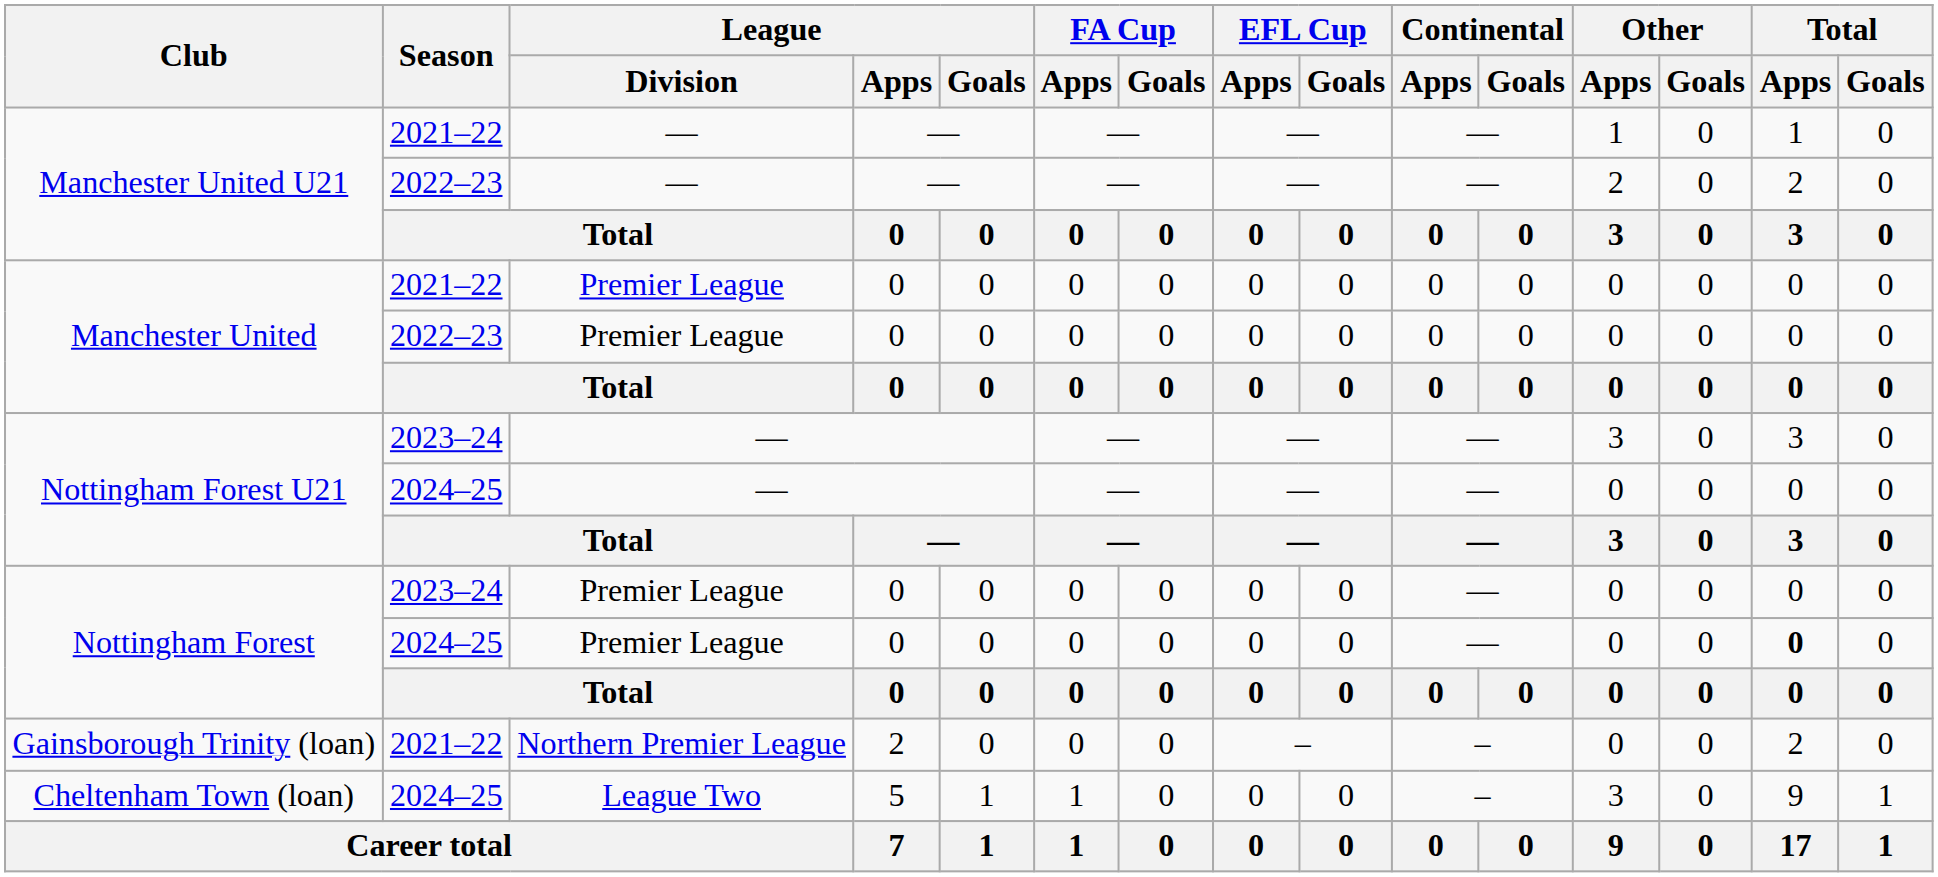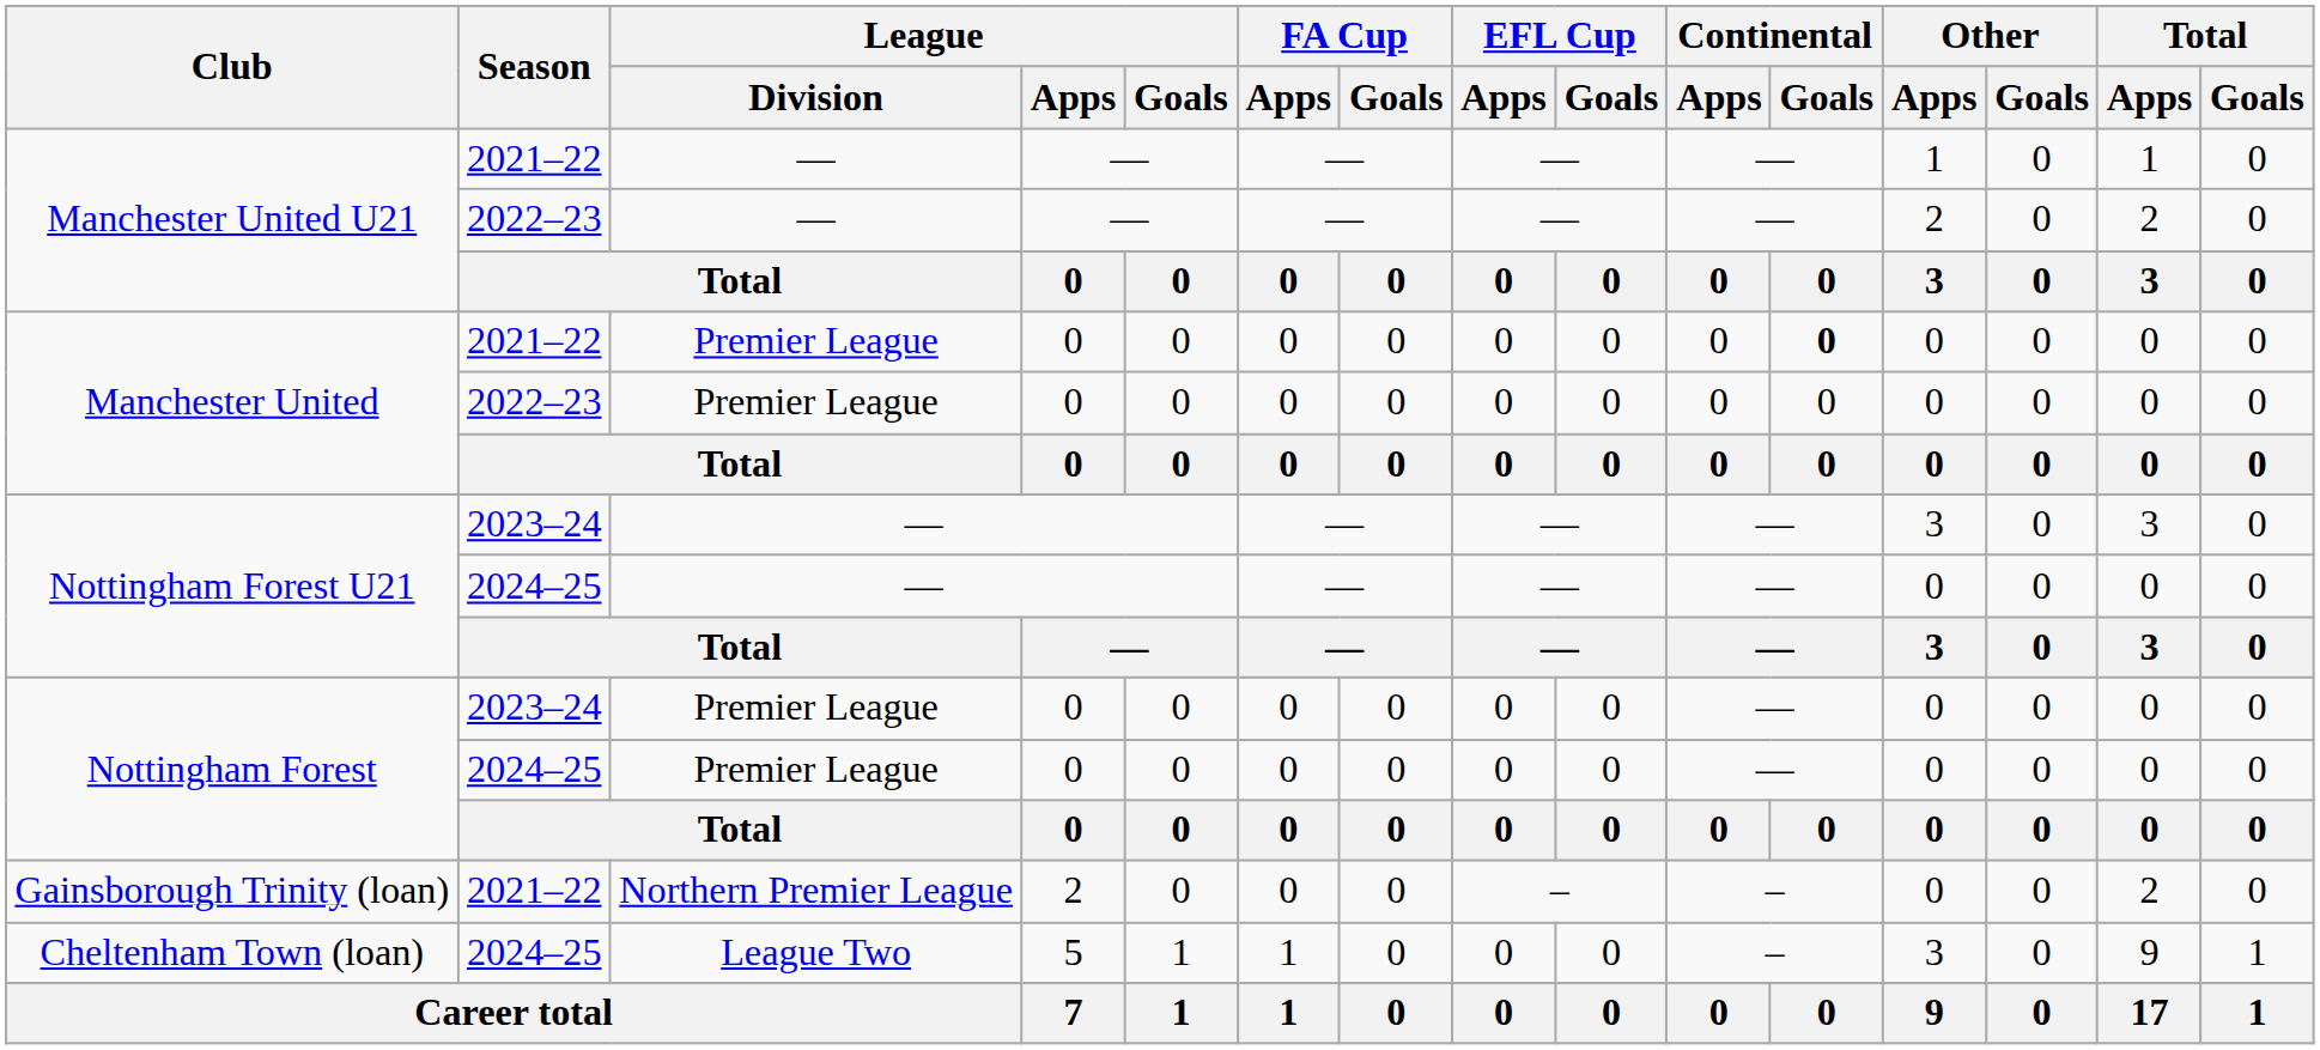 <table class=wikitable style=text-align:center>
 <tr>
 <th rowspan=2>Club</th>
 <th rowspan=2>Season</th>
 <th colspan=3>League</th>
 <th colspan=2><a href='#'>FA Cup</a></th>
 <th colspan=2><a href='#'>EFL Cup</a></th>
 <th colspan=2>Continental</th>
 <th colspan=2>Other</th>
 <th colspan=2>Total</th>
 </tr>
 <tr>
 <th>Division</th>
 <th>Apps</th>
 <th>Goals</th>
 <th>Apps</th>
 <th>Goals</th>
 <th>Apps</th>
 <th>Goals</th>
 <th>Apps</th>
 <th>Goals</th>
 <th>Apps</th>
 <th>Goals</th>
 <th>Apps</th>
 <th>Goals</th>
 </tr>
 <tr>
 <td rowspan=3><a href='#'>Manchester United U21</a></td>
 <td><a href='#'>2021–22</a></td>
 <td>—</td>
 <td colspan=2>—</td>
 <td colspan=2>—</td>
 <td colspan=2>—</td>
 <td colspan=2>—</td>
 <td>1</td>
 <td>0</td>
 <td>1</td>
 <td>0</td>
 </tr>
 <tr>
 <td><a href='#'>2022–23</a></td>
 <td>—</td>
 <td colspan=2>—</td>
 <td colspan=2>—</td>
 <td colspan=2>—</td>
 <td colspan=2>—</td>
 <td>2</td>
 <td>0</td>
 <td>2</td>
 <td>0</td>
 </tr>
 <tr>
 <th colspan=2>Total</th>
 <th>0</th>
 <th>0</th>
 <th>0</th>
 <th>0</th>
 <th>0</th>
 <th>0</th>
 <th>0</th>
 <th>0</th>
 <th>3</th>
 <th>0</th>
 <th>3</th>
 <th>0</th>
 </tr>
 <tr>
 <td rowspan=3><a href='#'>Manchester United</a></td>
 <td><a href='#'>2021–22</a></td>
 <td><a href='#'>Premier League</a></td>
 <td>0</td>
 <td>0</td>
 <td>0</td>
 <td>0</td>
 <td>0</td>
 <td>0</td>
 <td>0</td>
-<td>0</td>
+<td><strong>0</strong></td>
 <td>0</td>
 <td>0</td>
 <td>0</td>
 <td>0</td>
 </tr>
 <tr>
 <td><a href='#'>2022–23</a></td>
 <td>Premier League</td>
 <td>0</td>
 <td>0</td>
 <td>0</td>
 <td>0</td>
 <td>0</td>
 <td>0</td>
 <td>0</td>
 <td>0</td>
 <td>0</td>
 <td>0</td>
 <td>0</td>
 <td>0</td>
 </tr>
 <tr>
 <th colspan=2>Total</th>
 <th>0</th>
 <th>0</th>
 <th>0</th>
 <th>0</th>
 <th>0</th>
 <th>0</th>
 <th>0</th>
 <th>0</th>
 <th>0</th>
 <th>0</th>
 <th>0</th>
 <th>0</th>
 </tr>
 <tr>
 <td rowspan=3><a href='#'>Nottingham Forest U21</a></td>
 <td><a href='#'>2023–24</a></td>
 <td colspan=3>—</td>
 <td colspan=2>—</td>
 <td colspan=2>—</td>
 <td colspan=2>—</td>
 <td>3</td>
 <td>0</td>
 <td>3</td>
 <td>0</td>
 </tr>
 <tr>
 <td><a href='#'>2024–25</a></td>
 <td colspan=3>—</td>
 <td colspan=2>—</td>
 <td colspan=2>—</td>
 <td colspan=2>—</td>
 <td>0</td>
 <td>0</td>
 <td>0</td>
 <td>0</td>
 </tr>
 <tr>
 <th colspan=2>Total</th>
 <th colspan=2>—</th>
 <th colspan=2>—</th>
 <th colspan=2>—</th>
 <th colspan=2>—</th>
 <th>3</th>
 <th>0</th>
 <th>3</th>
 <th>0</th>
 </tr>
 <tr>
 <td rowspan=3><a href='#'>Nottingham Forest</a></td>
 <td><a href='#'>2023–24</a></td>
 <td>Premier League</td>
 <td>0</td>
 <td>0</td>
 <td>0</td>
 <td>0</td>
 <td>0</td>
 <td>0</td>
 <td colspan=2>—</td>
 <td>0</td>
 <td>0</td>
 <td>0</td>
 <td>0</td>
 </tr>
 <tr>
 <td><a href='#'>2024–25</a></td>
 <td>Premier League</td>
 <td>0</td>
 <td>0</td>
 <td>0</td>
 <td>0</td>
 <td>0</td>
 <td>0</td>
 <td colspan=2>—</td>
 <td>0</td>
 <td>0</td>
-<td><strong>0</strong></td>
+<td>0</td>
 <td>0</td>
 </tr>
 <tr>
 <th colspan=2>Total</th>
 <th>0</th>
 <th>0</th>
 <th>0</th>
 <th>0</th>
 <th>0</th>
 <th>0</th>
 <th>0</th>
 <th>0</th>
 <th>0</th>
 <th>0</th>
 <th>0</th>
 <th>0</th>
 </tr>
 <tr>
 <td><a href='#'>Gainsborough Trinity</a> (loan)</td>
 <td><a href='#'>2021–22</a></td>
 <td><a href='#'>Northern Premier League</a></td>
 <td>2</td>
 <td>0</td>
 <td>0</td>
 <td>0</td>
 <td colspan=2>–</td>
 <td colspan=2>–</td>
 <td>0</td>
 <td>0</td>
 <td>2</td>
 <td>0</td>
 </tr>
 <tr>
 <td><a href='#'>Cheltenham Town</a> (loan)</td>
 <td><a href='#'>2024–25</a></td>
 <td><a href='#'>League Two</a></td>
 <td>5</td>
 <td>1</td>
 <td>1</td>
 <td>0</td>
 <td>0</td>
 <td>0</td>
 <td colspan=2>–</td>
 <td>3</td>
 <td>0</td>
 <td>9</td>
 <td>1</td>
 </tr>
 <tr>
 <th colspan=3>Career total</th>
 <th>7</th>
 <th>1</th>
 <th>1</th>
 <th>0</th>
 <th>0</th>
 <th>0</th>
 <th>0</th>
 <th>0</th>
 <th>9</th>
 <th>0</th>
 <th>17</th>
 <th>1</th>
 </tr>
 </table>
